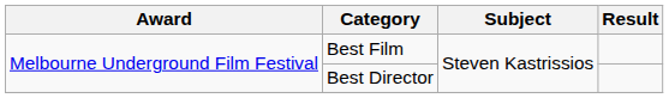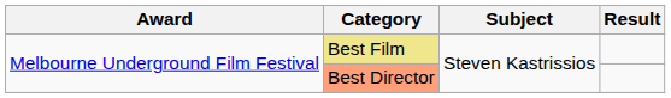 <table class="wikitable">
 <tr>
 <th>Award</th>
 <th>Category</th>
 <th>Subject</th>
 <th>Result</th>
 </tr>
 <tr>
 <td rowspan=2><a href='#'>Melbourne Underground Film Festival</a></td>
-<td>Best Film</td>
+<td style="background: khaki;">Best Film</td>
 <td rowspan=2>Steven Kastrissios</td>
 <td></td>
 </tr>
 <tr>
-<td>Best Director</td>
+<td style="background: lightsalmon;">Best Director</td>
 <td></td>
 </tr>
 <tr>
 </tr>
 </table>
